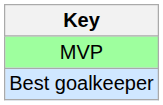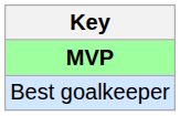 <table class="wikitable" style="text-align:center">
 <tr>
 <th>Key</th>
 </tr>
 <tr bgcolor="#9eff9e">
-<td>MVP</td>
+<td><strong>MVP</strong></td>
 </tr>
 <tr style="background:#d0e7ff">
 <td>Best goalkeeper</td>
 </tr>
 </table>
